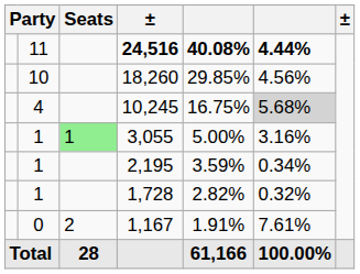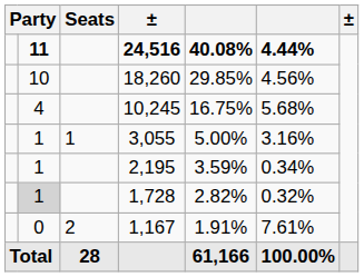 <table class=wikitable>
 <tr>
 <th colspan=2>Party</th>
 <th>Seats</th>
 <th>±</th>
 <th></th>
 <th></th>
 <th>±</th>
 </tr>
 <tr>
 <td></td>
-<td align="center">11</td>
+<td align="center"><strong>11</strong></td>
 <td></td>
 <td align="center"><strong>24,516</strong></td>
 <td align="center"><strong>40.08%</strong></td>
 <td> <strong>4.44%</strong></td>
 </tr>
 <tr>
 <td></td>
 <td align="center">10</td>
 <td></td>
 <td align="center">18,260</td>
 <td align="center">29.85%</td>
 <td> 4.56%</td>
 </tr>
 <tr>
 <td></td>
 <td align="center">4</td>
 <td></td>
 <td align="center">10,245</td>
 <td align="center">16.75%</td>
-<td style="background: lightgrey;"> 5.68%</td>
+<td> 5.68%</td>
 </tr>
 <tr>
 <td></td>
 <td align="center">1</td>
-<td style="background: lightgreen;"> 1</td>
+<td> 1</td>
 <td align="center">3,055</td>
 <td align="center">5.00%</td>
 <td> 3.16%</td>
 </tr>
 <tr>
 <td></td>
 <td align="center">1</td>
 <td></td>
 <td align="center">2,195</td>
 <td align="center">3.59%</td>
 <td> 0.34%</td>
 </tr>
 <tr>
 <td></td>
-<td align="center">1</td>
+<td align="center" style="background: lightgrey;">1</td>
 <td></td>
 <td align="center">1,728</td>
 <td align="center">2.82%</td>
 <td> 0.32%</td>
 </tr>
 <tr>
 <td></td>
 <td align="center">0</td>
 <td> 2</td>
 <td align="center">1,167</td>
 <td align="center">1.91%</td>
 <td> 7.61%</td>
 </tr>
 <tr style="font-weight:bold; background:rgb(232,232,232);">
 <td colspan=2>Total</td>
 <td align=center>28</td>
 <td></td>
 <td align=center>61,166</td>
 <td align=center>100.00%</td>
 <td></td>
 </tr>
 </table>
